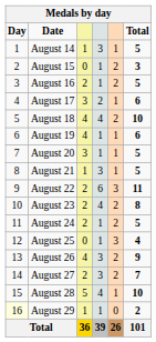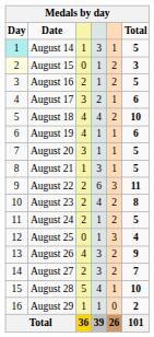 <table class=wikitable style="font-size:85%; float:right;text-align:center">
 <tr>
 <th colspan=7>Medals by day</th>
 </tr>
 <tr>
 <td><strong>Day</strong></td>
 <td><strong>Date</strong></td>
 <td bgcolor=F7F6A8></td>
 <td bgcolor=DCE5E5></td>
 <td bgcolor=FFDAB9></td>
 <td><strong>Total</strong></td>
 </tr>
 <tr>
-<td>1</td>
+<td style="background: paleturquoise;">1</td>
 <td>August 14</td>
 <td bgcolor=F7F6A8>1</td>
 <td bgcolor=DCE5E5>3</td>
 <td bgcolor=FFDAB9>1</td>
 <td><strong>5</strong></td>
 </tr>
 <tr>
-<td>2</td>
+<td style="background: lightyellow;">2</td>
 <td>August 15</td>
 <td bgcolor=F7F6A8>0</td>
 <td bgcolor=DCE5E5>1</td>
 <td bgcolor=FFDAB9>2</td>
 <td><strong>3</strong></td>
 </tr>
 <tr>
 <td>3</td>
 <td>August 16</td>
 <td bgcolor=F7F6A8>2</td>
 <td bgcolor=DCE5E5>1</td>
 <td bgcolor=FFDAB9>2</td>
 <td><strong>5</strong></td>
 </tr>
 <tr>
 <td>4</td>
 <td>August 17</td>
 <td bgcolor=F7F6A8>3</td>
 <td bgcolor=DCE5E5>2</td>
 <td bgcolor=FFDAB9>1</td>
 <td><strong>6</strong></td>
 </tr>
 <tr>
 <td>5</td>
 <td>August 18</td>
 <td bgcolor=F7F6A8>4</td>
 <td bgcolor=DCE5E5>4</td>
 <td bgcolor=FFDAB9>2</td>
 <td><strong>10</strong></td>
 </tr>
 <tr>
 <td>6</td>
 <td>August 19</td>
 <td bgcolor=F7F6A8>4</td>
 <td bgcolor=DCE5E5>1</td>
 <td bgcolor=FFDAB9>1</td>
 <td><strong>6</strong></td>
 </tr>
 <tr>
 <td>7</td>
 <td>August 20</td>
 <td bgcolor=F7F6A8>3</td>
 <td bgcolor=DCE5E5>1</td>
 <td bgcolor=FFDAB9>1</td>
 <td><strong>5</strong></td>
 </tr>
 <tr>
 <td>8</td>
 <td>August 21</td>
 <td bgcolor=F7F6A8>1</td>
 <td bgcolor=DCE5E5>3</td>
 <td bgcolor=FFDAB9>1</td>
 <td><strong>5</strong></td>
 </tr>
 <tr>
 <td>9</td>
 <td>August 22</td>
 <td bgcolor=F7F6A8>2</td>
 <td bgcolor=DCE5E5>6</td>
 <td bgcolor=FFDAB9>3</td>
 <td><strong>11</strong></td>
 </tr>
 <tr>
 <td>10</td>
 <td>August 23</td>
 <td bgcolor=F7F6A8>2</td>
 <td bgcolor=DCE5E5>4</td>
 <td bgcolor=FFDAB9>2</td>
 <td><strong>8</strong></td>
 </tr>
 <tr>
 <td>11</td>
 <td>August 24</td>
 <td bgcolor=F7F6A8>2</td>
 <td bgcolor=DCE5E5>1</td>
 <td bgcolor=FFDAB9>2</td>
 <td><strong>5</strong></td>
 </tr>
 <tr>
 <td>12</td>
 <td>August 25</td>
 <td bgcolor=F7F6A8>0</td>
 <td bgcolor=DCE5E5>1</td>
 <td bgcolor=FFDAB9>3</td>
 <td><strong>4</strong></td>
 </tr>
 <tr>
 <td>13</td>
 <td>August 26</td>
 <td bgcolor=F7F6A8>4</td>
 <td bgcolor=DCE5E5>3</td>
 <td bgcolor=FFDAB9>2</td>
 <td><strong>9</strong></td>
 </tr>
 <tr>
 <td>14</td>
 <td>August 27</td>
 <td bgcolor=F7F6A8>2</td>
 <td bgcolor=DCE5E5>3</td>
 <td bgcolor=FFDAB9>2</td>
 <td><strong>7</strong></td>
 </tr>
 <tr>
 <td>15</td>
 <td>August 28</td>
 <td bgcolor=F7F6A8>5</td>
 <td bgcolor=DCE5E5>4</td>
 <td bgcolor=FFDAB9>1</td>
 <td><strong>10</strong></td>
 </tr>
 <tr>
-<td style="background: lightyellow;">16</td>
+<td>16</td>
 <td>August 29</td>
 <td bgcolor=F7F6A8>1</td>
 <td bgcolor=DCE5E5>1</td>
 <td bgcolor=FFDAB9>0</td>
 <td><strong>2</strong></td>
 </tr>
 <tr>
 <th colspan=2>Total</th>
 <th style=background:gold>36</th>
 <th style=background:silver>39</th>
 <th style=background:#C96>26</th>
 <th>101</th>
 </tr>
 </table>
